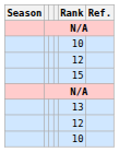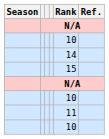 <table class="wikitable plainrowheaders sortable">
 <tr>
 <th scope=col>Season</th>
 <th scope=col></th>
 <th scope=col></th>
 <th scope=col></th>
 <th scope=col>Rank</th>
 <th scope=col class="unsortable">Ref.</th>
 </tr>
 <tr style="background-color: #FFCCCC">
 <th scope=row style="background-color: #FFCCCC" align=right></th>
 <th colspan="5" style="background-color: #FFCCCC">N/A</th>
 </tr>
 <tr style="background-color: #D0E7FF">
 <th scope=row style="background-color: #D0E7FF" align=right></th>
 <td align=right></td>
 <td align=right></td>
 <td align=right></td>
 <td align=right>10</td>
 <td align=center></td>
 </tr>
 <tr style="background-color: #D0E7FF">
 <th scope=row style="background-color: #D0E7FF" align=right></th>
 <td align=right></td>
 <td align=right></td>
 <td align=right></td>
-<td align=right>12</td>
+<td align=right>14</td>
 <td align=center></td>
 </tr>
 <tr style="background-color: #D0E7FF">
 <th scope=row style="background-color: #D0E7FF" align=right></th>
 <td align=right></td>
 <td align=right></td>
 <td align=right></td>
 <td align=right>15</td>
 <td align=center></td>
 </tr>
 <tr style="background-color: #FFCCCC">
 <th scope=row style="background-color: #FFCCCC" align=right></th>
 <th colspan="5" style="background-color: #FFCCCC">N/A</th>
 </tr>
 <tr style="background-color: #D0E7FF">
 <th scope=row style="background-color: #D0E7FF" align=right></th>
 <td align=right></td>
 <td align=right></td>
 <td align=right></td>
-<td align=right>13</td>
+<td align=right>10</td>
 <td align=center></td>
 </tr>
 <tr style="background-color: #D0E7FF">
 <th scope=row style="background-color: #D0E7FF" align=right></th>
 <td align=right></td>
 <td align=right></td>
 <td align=right></td>
-<td align=right>12</td>
+<td align=right>11</td>
 <td align=center></td>
 </tr>
 <tr style="background-color: #D0E7FF">
 <th scope=row style="background-color: #D0E7FF" align=right></th>
 <td align=right></td>
 <td align=right></td>
 <td align=right></td>
 <td align=right>10</td>
 <td align=center></td>
 </tr>
 </table>
